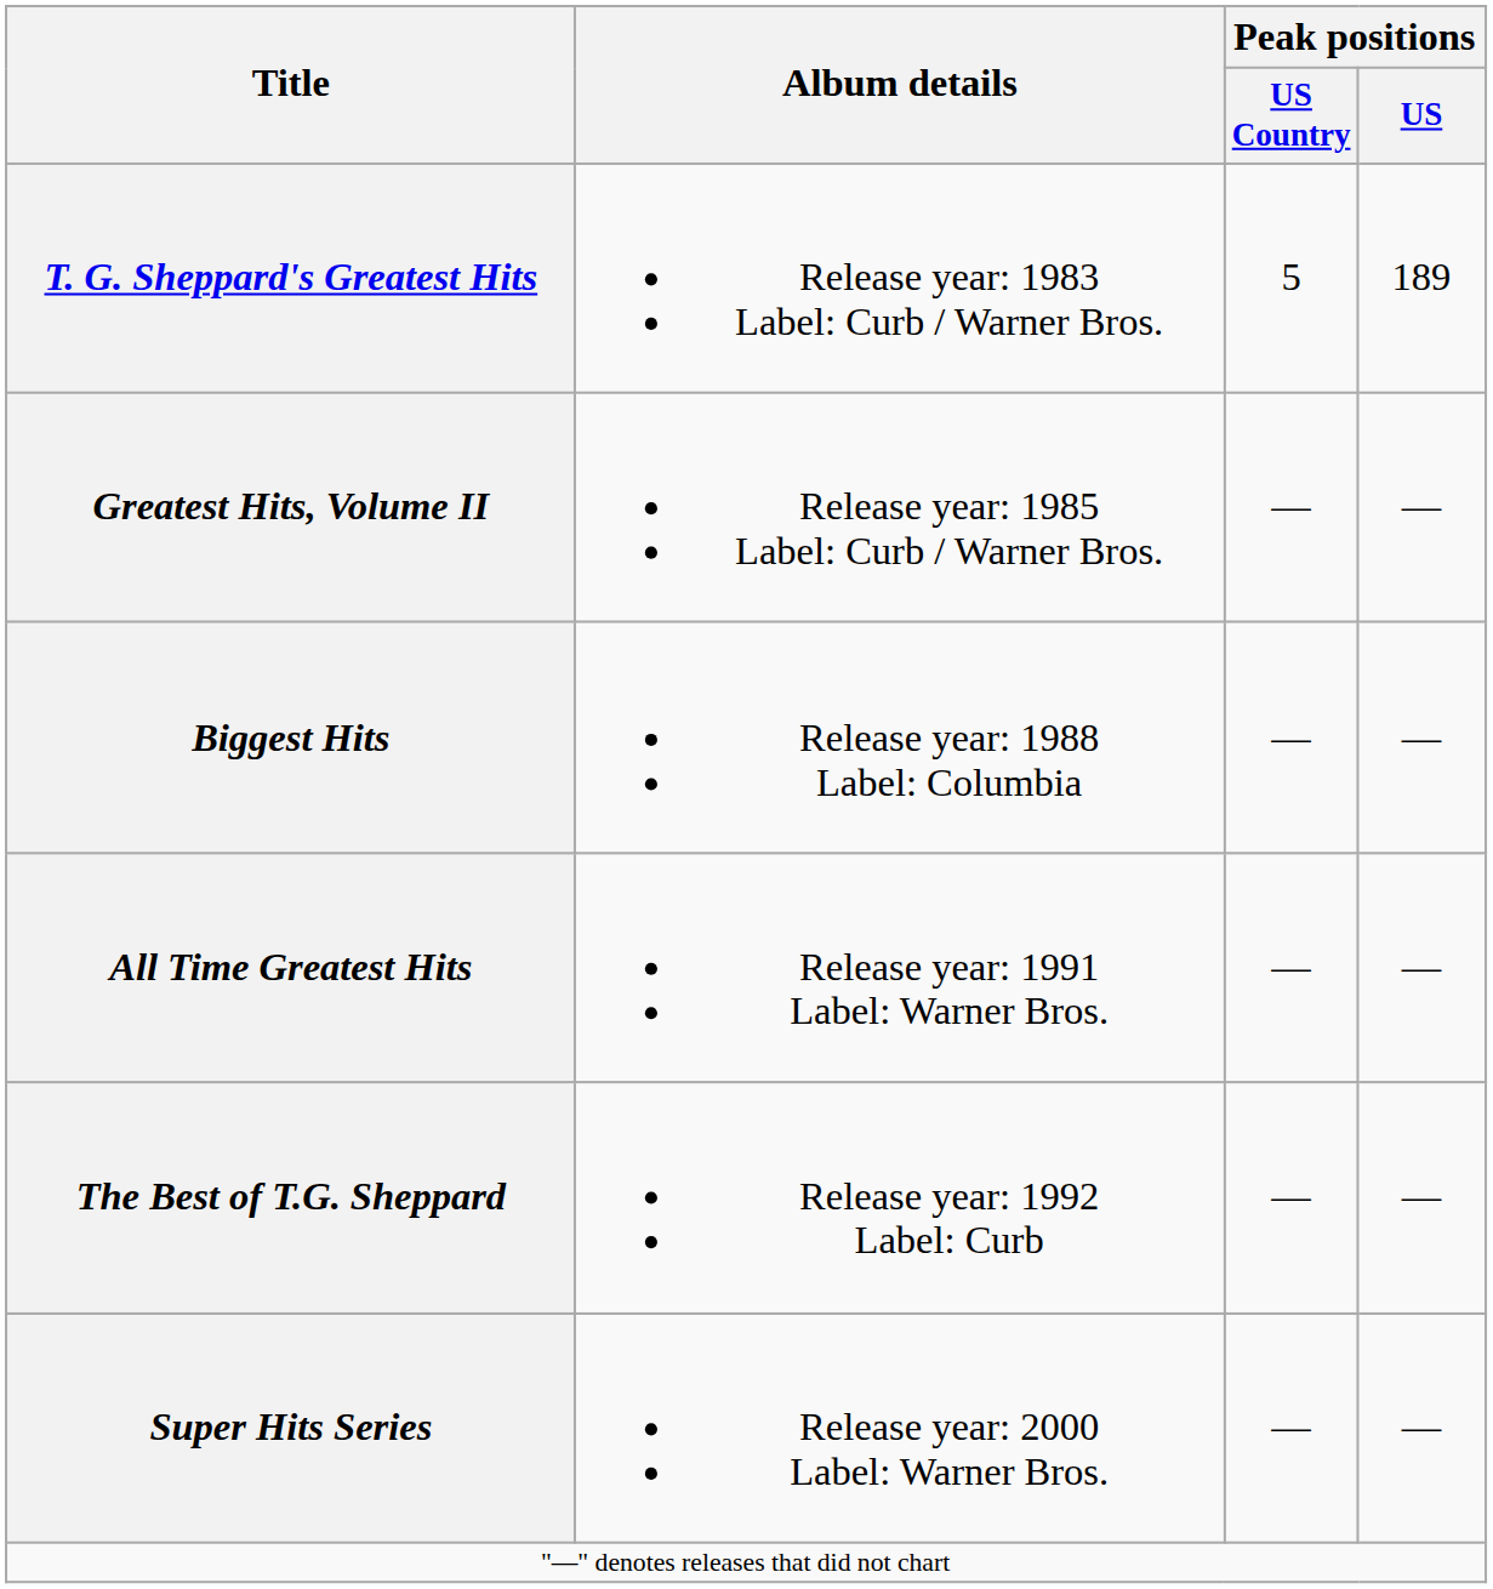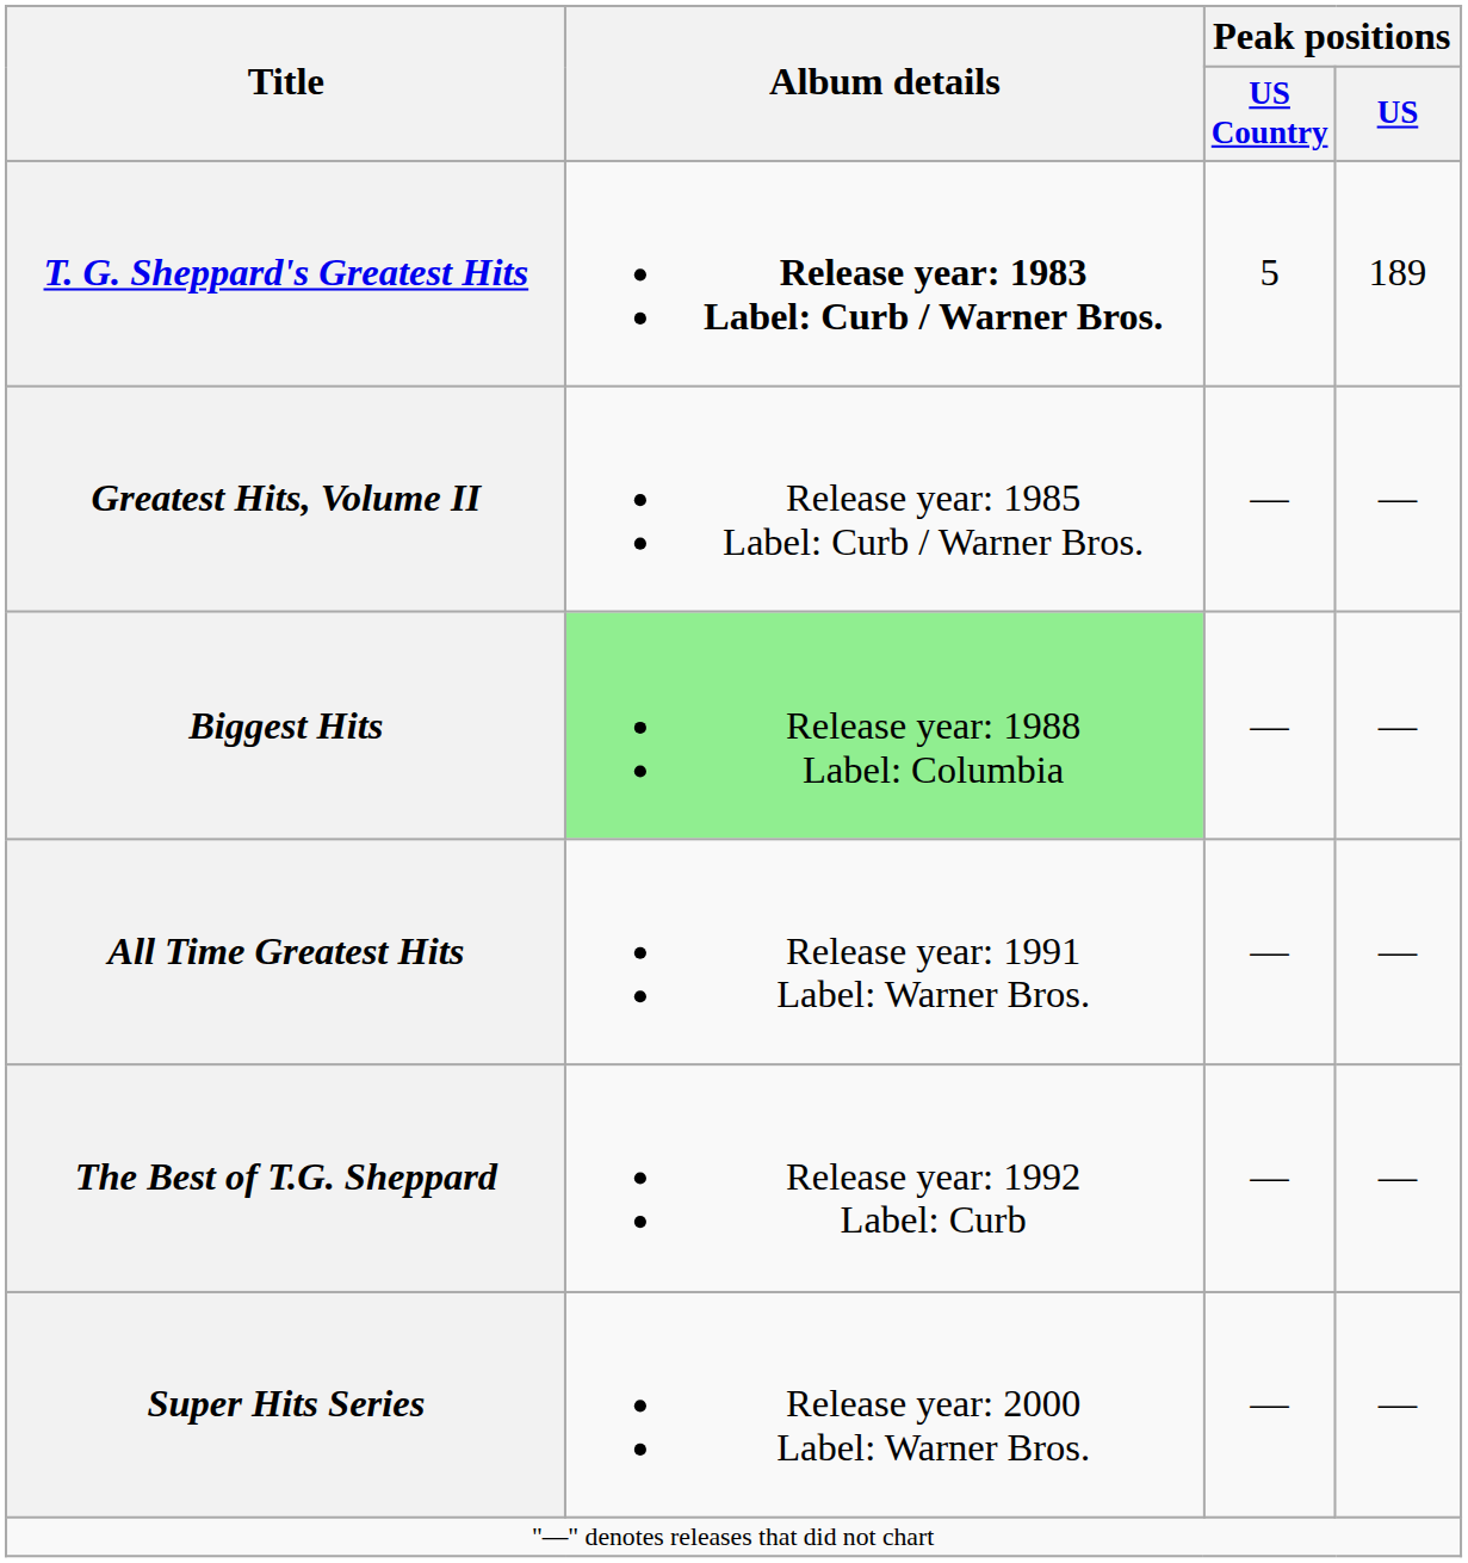 <table class="wikitable plainrowheaders" style="text-align:center;">
 <tr>
 <th rowspan="2" style="width:14em;">Title</th>
 <th rowspan="2" style="width:16em;">Album details</th>
 <th colspan="2">Peak positions</th>
 </tr>
 <tr style="font-size:smaller;">
 <th width="45"><a href='#'>US Country</a><br></th>
 <th width="45"><a href='#'>US</a><br></th>
 </tr>
 <tr>
 <th scope="row"><em><a href='#'>T. G. Sheppard's Greatest Hits</a></em></th>
-<td><br><ul><li>Release year: 1983</li><li>Label: Curb / Warner Bros.</li></ul></td>
+<td><strong><br><ul><li>Release year: 1983</li><li>Label: Curb / Warner Bros.</li></ul></strong></td>
 <td>5</td>
 <td>189</td>
 </tr>
 <tr>
 <th scope="row"><em>Greatest Hits, Volume II</em></th>
 <td><br><ul><li>Release year: 1985</li><li>Label: Curb / Warner Bros.</li></ul></td>
 <td>—</td>
 <td>—</td>
 </tr>
 <tr>
 <th scope="row"><em>Biggest Hits</em></th>
-<td><br><ul><li>Release year: 1988</li><li>Label: Columbia</li></ul></td>
+<td style="background: lightgreen;"><br><ul><li>Release year: 1988</li><li>Label: Columbia</li></ul></td>
 <td>—</td>
 <td>—</td>
 </tr>
 <tr>
 <th scope="row"><em>All Time Greatest Hits</em></th>
 <td><br><ul><li>Release year: 1991</li><li>Label: Warner Bros.</li></ul></td>
 <td>—</td>
 <td>—</td>
 </tr>
 <tr>
 <th scope="row"><em>The Best of T.G. Sheppard</em></th>
 <td><br><ul><li>Release year: 1992</li><li>Label: Curb</li></ul></td>
 <td>—</td>
 <td>—</td>
 </tr>
 <tr>
 <th scope="row"><em>Super Hits Series</em></th>
 <td><br><ul><li>Release year: 2000</li><li>Label: Warner Bros.</li></ul></td>
 <td>—</td>
 <td>—</td>
 </tr>
 <tr>
 <td colspan="4" style="font-size:8pt">"—" denotes releases that did not chart</td>
 </tr>
 </table>
